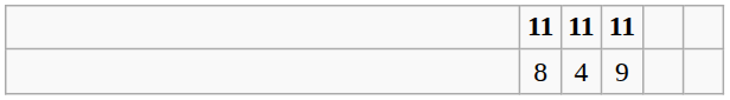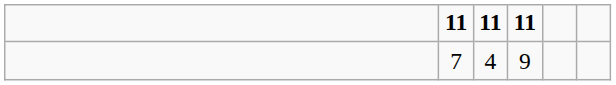 <table class="wikitable">
 <tr>
 <td style="width:18em"></td>
 <td align=center style="width:1em"><strong>11</strong></td>
 <td align=center style="width:1em"><strong>11</strong></td>
 <td align=center style="width:1em"><strong>11</strong></td>
 <td align=center style="width:1em"></td>
 <td align=center style="width:1em"></td>
 </tr>
 <tr>
 <td style="width:18em"></td>
-<td align=center style="width:1em">8</td>
+<td align=center style="width:1em">7</td>
 <td align=center style="width:1em">4</td>
 <td align=center style="width:1em">9</td>
 <td align=center style="width:1em"></td>
 <td align=center style="width:1em"></td>
 </tr>
 </table>
